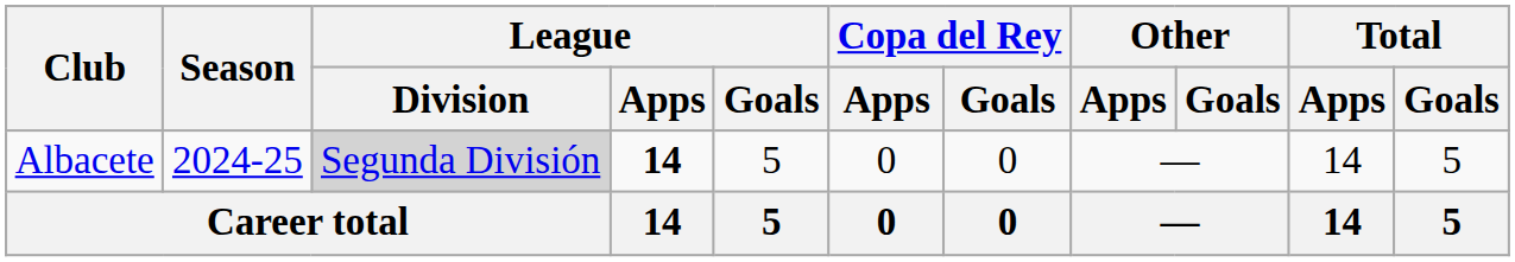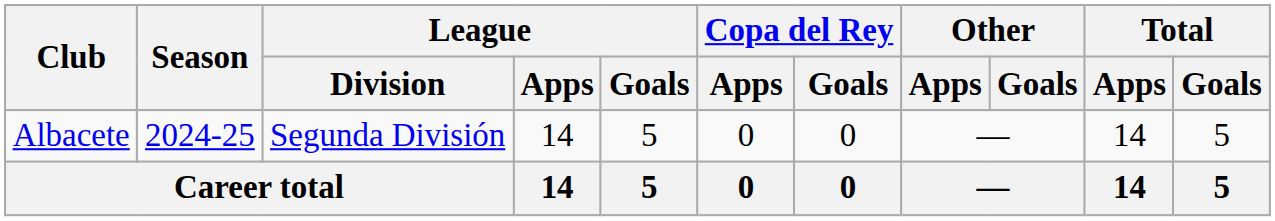 <table class="wikitable" style="text-align: center">
 <tr>
 <th rowspan="2">Club</th>
 <th rowspan="2">Season</th>
 <th colspan="3">League</th>
 <th colspan="2"><a href='#'>Copa del Rey</a></th>
 <th colspan="2">Other</th>
 <th colspan="2">Total</th>
 </tr>
 <tr>
 <th>Division</th>
 <th>Apps</th>
 <th>Goals</th>
 <th>Apps</th>
 <th>Goals</th>
 <th>Apps</th>
 <th>Goals</th>
 <th>Apps</th>
 <th>Goals</th>
 </tr>
 <tr>
 <td><a href='#'>Albacete</a></td>
 <td><a href='#'>2024-25</a></td>
-<td style="background: lightgrey;"><a href='#'>Segunda División</a></td>
-<td><strong>14</strong></td>
+<td><a href='#'>Segunda División</a></td>
+<td>14</td>
 <td>5</td>
 <td>0</td>
 <td>0</td>
 <td colspan="2">—</td>
 <td>14</td>
 <td>5</td>
 </tr>
 <tr>
 <th colspan="3">Career total</th>
 <th>14</th>
 <th>5</th>
 <th>0</th>
 <th>0</th>
 <th colspan="2">—</th>
 <th>14</th>
 <th>5</th>
 </tr>
 </table>
